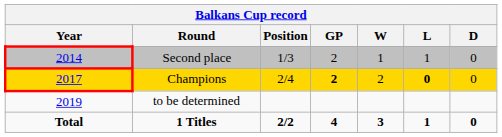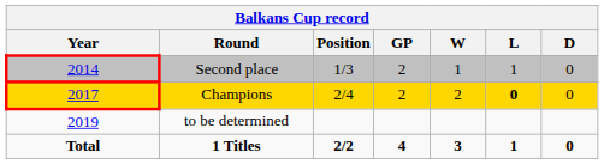 <table class="wikitable" style="text-align: center;">
 <tr>
 <th colspan=9><a href='#'>Balkans Cup record</a></th>
 </tr>
 <tr>
 <th width=150>Year</th>
 <th width=150>Round</th>
 <th width=50>Position</th>
 <th width=50>GP</th>
 <th width=50>W</th>
 <th width=50>L</th>
 <th width=50>D</th>
 </tr>
 <tr bgcolor=silver>
 <td style="border: 3px solid red"> <a href='#'>2014</a></td>
 <td>Second place</td>
 <td>1/3</td>
 <td>2</td>
 <td>1</td>
 <td>1</td>
 <td>0</td>
 </tr>
 <tr bgcolor=gold>
 <td style="border: 3px solid red"> <a href='#'>2017</a></td>
 <td>Champions</td>
 <td>2/4</td>
-<td><strong>2</strong></td>
+<td>2</td>
 <td>2</td>
 <td><strong>0</strong></td>
 <td>0</td>
 </tr>
 <tr bgcolor=>
 <td> <a href='#'>2019</a></td>
 <td>to be determined</td>
 <td></td>
 <td></td>
 <td></td>
 <td></td>
 <td></td>
 </tr>
 <tr>
 <td><strong>Total</strong></td>
 <td><strong>1 Titles</strong></td>
 <td><strong>2/2</strong></td>
 <td><strong>4</strong></td>
 <td><strong>3</strong></td>
 <td><strong>1</strong></td>
 <td><strong>0</strong></td>
 </tr>
 </table>
